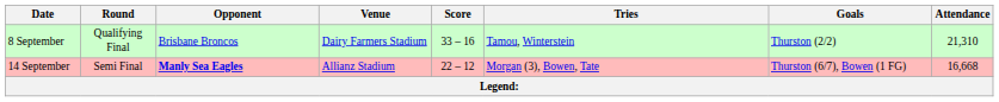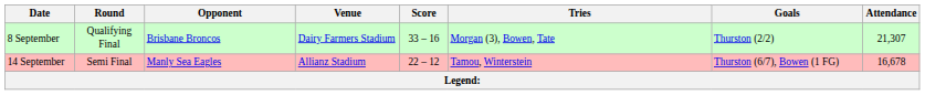 <table class="wikitable" style="font-size:75%;">
 <tr>
 <th style="width:75px;">Date</th>
 <th style="width:75px;">Round</th>
 <th style="width:170px;">Opponent</th>
 <th style="width:115px;">Venue</th>
 <th style="width:50px;">Score</th>
 <th style="width:300px;">Tries</th>
 <th style="width:170px;">Goals</th>
 <th style="width:60px;">Attendance</th>
 </tr>
 <tr style="background:#CCFFCC">
 <td>8 September</td>
 <td style="text-align:center;">Qualifying Final</td>
 <td> <a href='#'>Brisbane Broncos</a></td>
 <td><a href='#'>Dairy Farmers Stadium</a></td>
 <td style="text-align:center;">33 – 16</td>
-<td><a href='#'>Tamou</a>, <a href='#'>Winterstein</a></td>
+<td><a href='#'>Morgan</a> (3), <a href='#'>Bowen</a>, <a href='#'>Tate</a></td>
 <td><a href='#'>Thurston</a> (2/2)</td>
-<td style="text-align:center;">21,310</td>
+<td style="text-align:center;">21,307</td>
 </tr>
 <tr style="background:#FFBBBB">
 <td>14 September</td>
 <td style="text-align:center;">Semi Final</td>
-<td><strong> <a href='#'>Manly Sea Eagles</a></strong></td>
+<td> <a href='#'>Manly Sea Eagles</a></td>
 <td><a href='#'>Allianz Stadium</a></td>
 <td style="text-align:center;">22 – 12</td>
-<td><a href='#'>Morgan</a> (3), <a href='#'>Bowen</a>, <a href='#'>Tate</a></td>
+<td><a href='#'>Tamou</a>, <a href='#'>Winterstein</a></td>
 <td><a href='#'>Thurston</a> (6/7), <a href='#'>Bowen</a> (1 FG)</td>
-<td style="text-align:center;">16,668</td>
+<td style="text-align:center;">16,678</td>
 </tr>
 <tr>
 <th colspan="11"><strong>Legend</strong>:    </th>
 </tr>
 </table>
